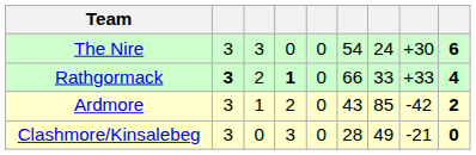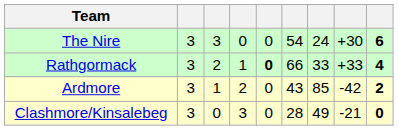 <table class="wikitable" style="text-align:center">
 <tr>
 <th style="width:175px;">Team</th>
 <th width="20"></th>
 <th width="20"></th>
 <th width="20"></th>
 <th width="20"></th>
 <th width="20"></th>
 <th width="20"></th>
 <th width="20"></th>
 <th width="20"></th>
 </tr>
 <tr style="background:#cfc;">
 <td><a href='#'>The Nire</a></td>
 <td>3</td>
 <td>3</td>
 <td>0</td>
 <td>0</td>
 <td>54</td>
 <td>24</td>
 <td>+30</td>
 <td><strong>6</strong></td>
 </tr>
 <tr style="background:#cfc;">
 <td><a href='#'>Rathgormack</a></td>
-<td><strong>3</strong></td>
+<td>3</td>
 <td>2</td>
-<td><strong>1</strong></td>
-<td>0</td>
+<td>1</td>
+<td><strong>0</strong></td>
 <td>66</td>
 <td>33</td>
 <td>+33</td>
 <td><strong>4</strong></td>
 </tr>
 <tr style="background:#ffffcc;">
 <td><a href='#'>Ardmore</a></td>
 <td>3</td>
 <td>1</td>
 <td>2</td>
 <td>0</td>
 <td>43</td>
 <td>85</td>
 <td>-42</td>
 <td><strong>2</strong></td>
 </tr>
 <tr style="background:#ffffcc;">
 <td><a href='#'>Clashmore/Kinsalebeg</a></td>
 <td>3</td>
 <td>0</td>
 <td>3</td>
 <td>0</td>
 <td>28</td>
 <td>49</td>
 <td>-21</td>
 <td><strong>0</strong></td>
 </tr>
 </table>
